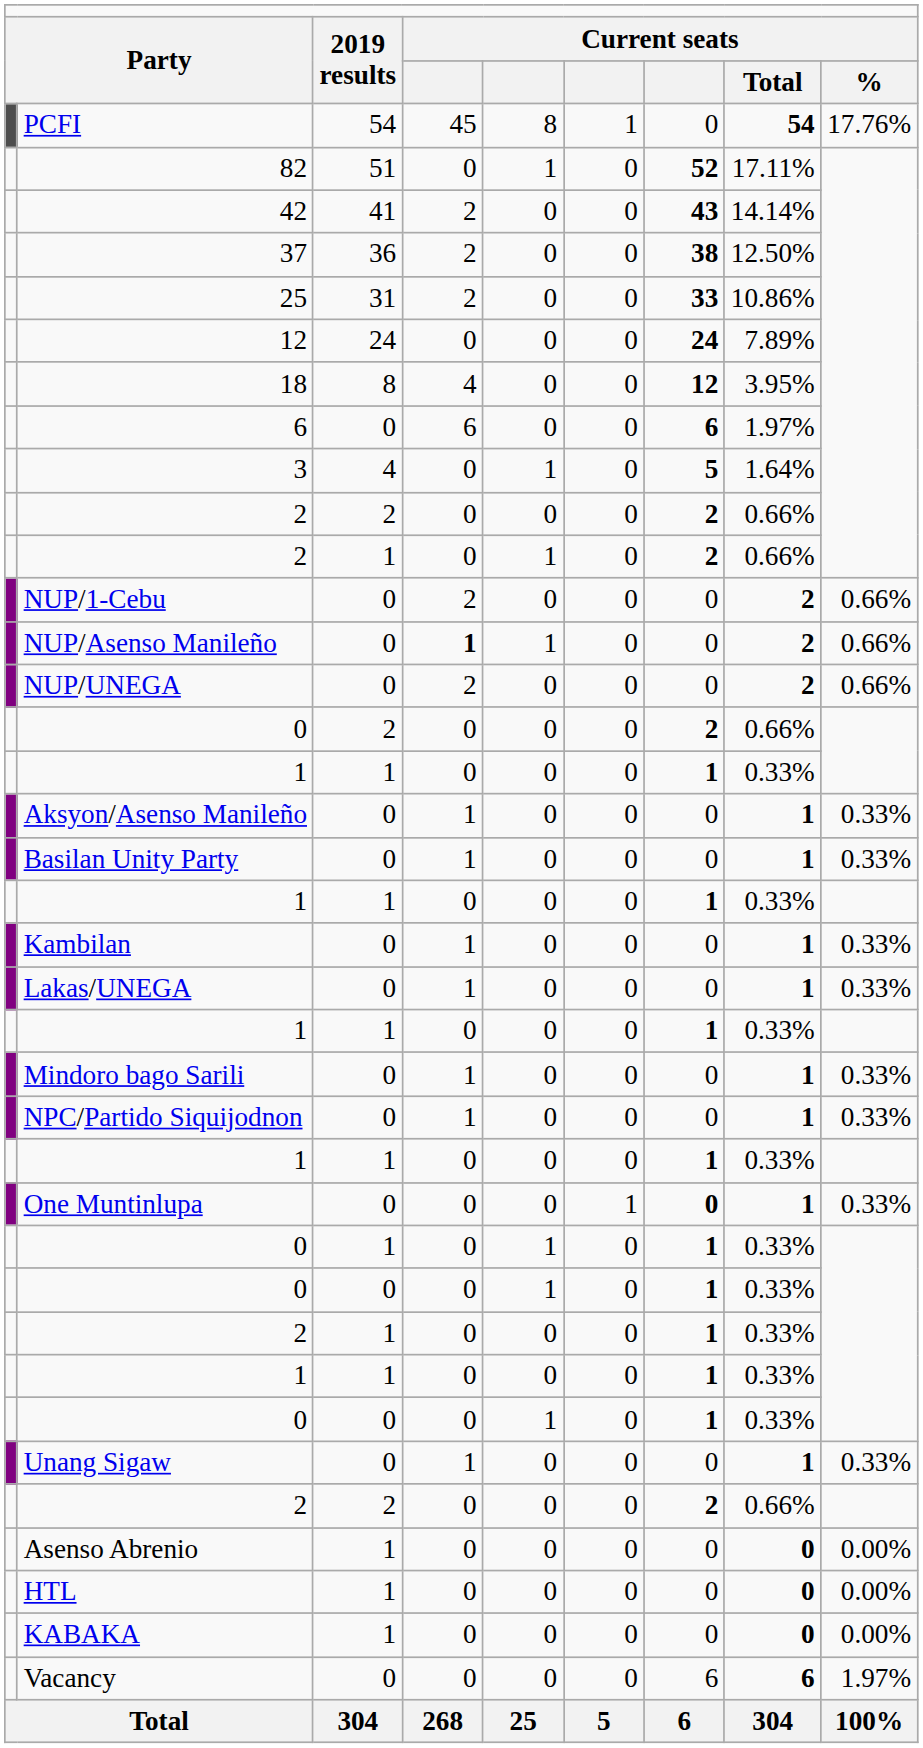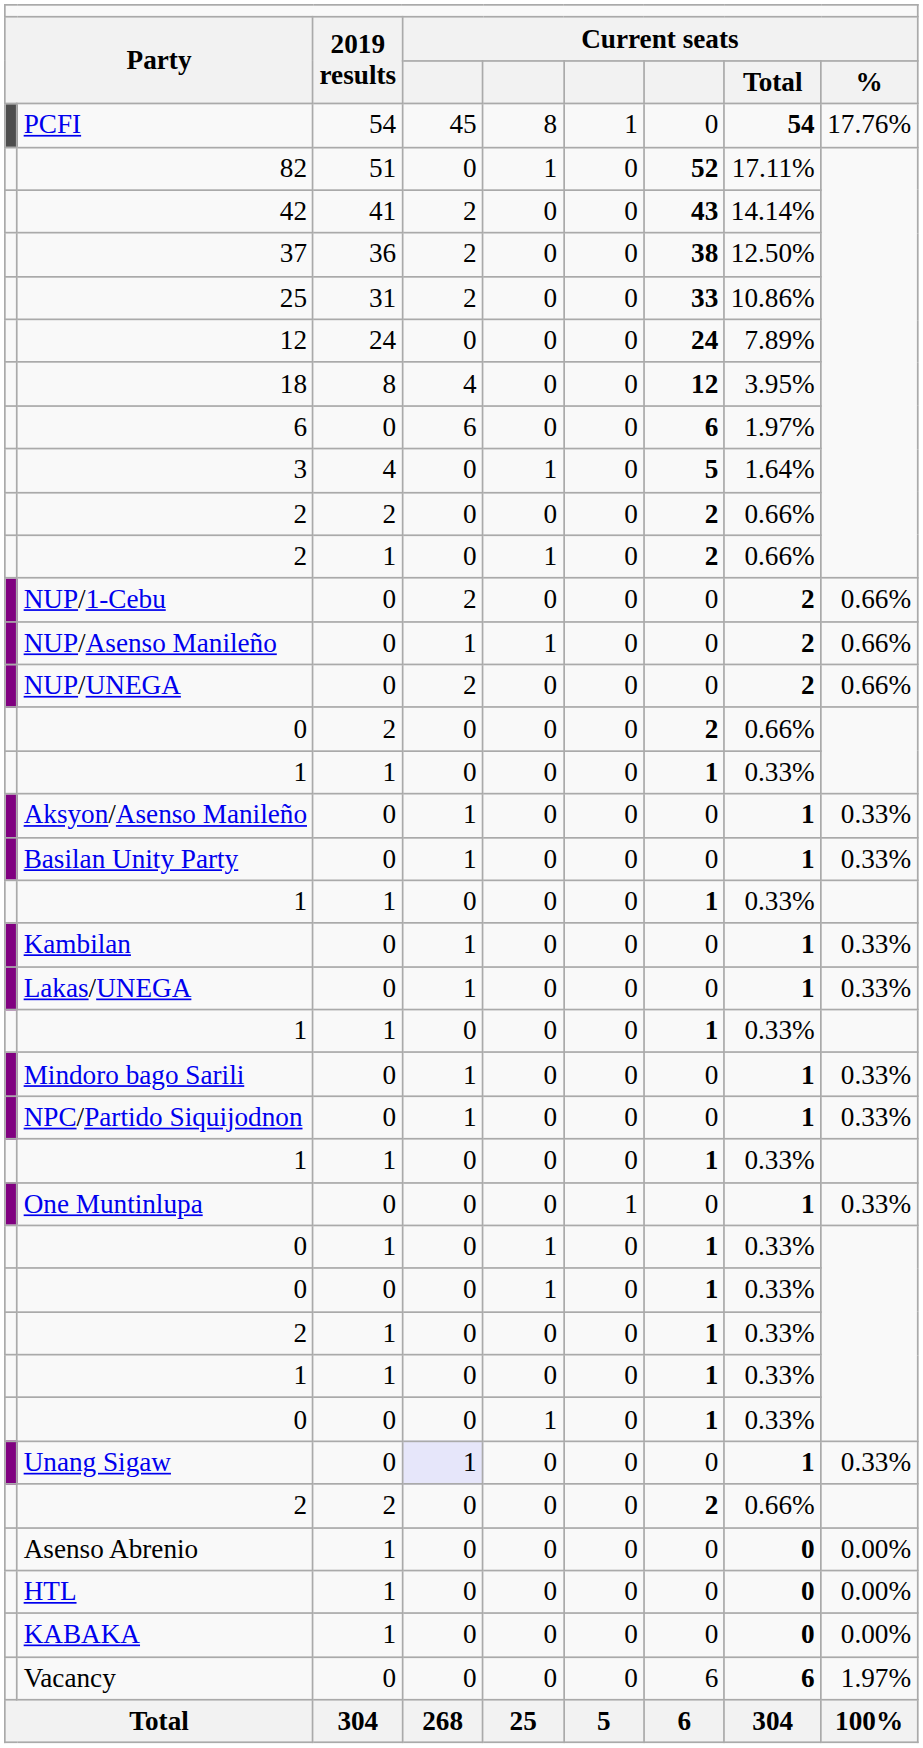 <table class=wikitable style="text-align:right">
 <tr>
 <td colspan="9"></td>
 </tr>
 <tr>
 <th colspan="2" rowspan="2">Party</th>
 <th rowspan="2" width=40px>2019 results</th>
 <th colspan="6">Current seats</th>
 </tr>
 <tr>
 <th width=40px></th>
 <th width=40px></th>
 <th width=40px></th>
 <th width=40px></th>
 <th width=40px>Total</th>
 <th width=40px>%</th>
 </tr>
 <tr>
 <td bgcolor="#4d4d4d"></td>
 <td align="left"><a href='#'>PCFI</a></td>
 <td>54</td>
 <td>45</td>
 <td>8</td>
 <td>1</td>
 <td>0</td>
 <td><strong>54</strong></td>
 <td>17.76%</td>
 </tr>
 <tr>
 <td></td>
 <td>82</td>
 <td>51</td>
 <td>0</td>
 <td>1</td>
 <td>0</td>
 <td><strong>52</strong></td>
 <td>17.11%</td>
 </tr>
 <tr>
 <td></td>
 <td>42</td>
 <td>41</td>
 <td>2</td>
 <td>0</td>
 <td>0</td>
 <td><strong>43</strong></td>
 <td>14.14%</td>
 </tr>
 <tr>
 <td></td>
 <td>37</td>
 <td>36</td>
 <td>2</td>
 <td>0</td>
 <td>0</td>
 <td><strong>38</strong></td>
 <td>12.50%</td>
 </tr>
 <tr>
 <td></td>
 <td>25</td>
 <td>31</td>
 <td>2</td>
 <td>0</td>
 <td>0</td>
 <td><strong>33</strong></td>
 <td>10.86%</td>
 </tr>
 <tr>
 <td></td>
 <td>12</td>
 <td>24</td>
 <td>0</td>
 <td>0</td>
 <td>0</td>
 <td><strong>24</strong></td>
 <td>7.89%</td>
 </tr>
 <tr>
 <td></td>
 <td>18</td>
 <td>8</td>
 <td>4</td>
 <td>0</td>
 <td>0</td>
 <td><strong>12</strong></td>
 <td>3.95%</td>
 </tr>
 <tr>
 <td></td>
 <td>6</td>
 <td>0</td>
 <td>6</td>
 <td>0</td>
 <td>0</td>
 <td><strong>6</strong></td>
 <td>1.97%</td>
 </tr>
 <tr>
 <td></td>
 <td>3</td>
 <td>4</td>
 <td>0</td>
 <td>1</td>
 <td>0</td>
 <td><strong>5</strong></td>
 <td>1.64%</td>
 </tr>
 <tr>
 <td></td>
 <td>2</td>
 <td>2</td>
 <td>0</td>
 <td>0</td>
 <td>0</td>
 <td><strong>2</strong></td>
 <td>0.66%</td>
 </tr>
 <tr>
 <td></td>
 <td>2</td>
 <td>1</td>
 <td>0</td>
 <td>1</td>
 <td>0</td>
 <td><strong>2</strong></td>
 <td>0.66%</td>
 </tr>
 <tr>
 <td bgcolor=purple></td>
 <td align=left><a href='#'>NUP</a>/<a href='#'>1-Cebu</a></td>
 <td>0</td>
 <td>2</td>
 <td>0</td>
 <td>0</td>
 <td>0</td>
 <td><strong>2</strong></td>
 <td>0.66%</td>
 </tr>
 <tr>
 <td bgcolor=purple></td>
 <td align=left><a href='#'>NUP</a>/<a href='#'>Asenso Manileño</a></td>
 <td>0</td>
-<td><strong>1</strong></td>
+<td>1</td>
 <td>1</td>
 <td>0</td>
 <td>0</td>
 <td><strong>2</strong></td>
 <td>0.66%</td>
 </tr>
 <tr>
 <td bgcolor=purple></td>
 <td align=left><a href='#'>NUP</a>/<a href='#'>UNEGA</a></td>
 <td>0</td>
 <td>2</td>
 <td>0</td>
 <td>0</td>
 <td>0</td>
 <td><strong>2</strong></td>
 <td>0.66%</td>
 </tr>
 <tr>
 <td></td>
 <td>0</td>
 <td>2</td>
 <td>0</td>
 <td>0</td>
 <td>0</td>
 <td><strong>2</strong></td>
 <td>0.66%</td>
 </tr>
 <tr>
 <td></td>
 <td>1</td>
 <td>1</td>
 <td>0</td>
 <td>0</td>
 <td>0</td>
 <td><strong>1</strong></td>
 <td>0.33%</td>
 </tr>
 <tr>
 <td bgcolor=purple></td>
 <td align=left><a href='#'>Aksyon</a>/<a href='#'>Asenso Manileño</a></td>
 <td>0</td>
 <td>1</td>
 <td>0</td>
 <td>0</td>
 <td>0</td>
 <td><strong>1</strong></td>
 <td>0.33%</td>
 </tr>
 <tr>
 <td bgcolor=purple></td>
 <td align=left><a href='#'>Basilan Unity Party</a></td>
 <td>0</td>
 <td>1</td>
 <td>0</td>
 <td>0</td>
 <td>0</td>
 <td><strong>1</strong></td>
 <td>0.33%</td>
 </tr>
 <tr>
 <td></td>
 <td>1</td>
 <td>1</td>
 <td>0</td>
 <td>0</td>
 <td>0</td>
 <td><strong>1</strong></td>
 <td>0.33%</td>
 </tr>
 <tr>
 <td bgcolor=purple></td>
 <td align=left><a href='#'>Kambilan</a></td>
 <td>0</td>
 <td>1</td>
 <td>0</td>
 <td>0</td>
 <td>0</td>
 <td><strong>1</strong></td>
 <td>0.33%</td>
 </tr>
 <tr>
 <td bgcolor=purple></td>
 <td align=left><a href='#'>Lakas</a>/<a href='#'>UNEGA</a></td>
 <td>0</td>
 <td>1</td>
 <td>0</td>
 <td>0</td>
 <td>0</td>
 <td><strong>1</strong></td>
 <td>0.33%</td>
 </tr>
 <tr>
 <td></td>
 <td>1</td>
 <td>1</td>
 <td>0</td>
 <td>0</td>
 <td>0</td>
 <td><strong>1</strong></td>
 <td>0.33%</td>
 </tr>
 <tr>
 <td bgcolor=purple></td>
 <td align=left><a href='#'>Mindoro bago Sarili</a></td>
 <td>0</td>
 <td>1</td>
 <td>0</td>
 <td>0</td>
 <td>0</td>
 <td><strong>1</strong></td>
 <td>0.33%</td>
 </tr>
 <tr>
 <td bgcolor=purple></td>
 <td align=left><a href='#'>NPC</a>/<a href='#'>Partido Siquijodnon</a></td>
 <td>0</td>
 <td>1</td>
 <td>0</td>
 <td>0</td>
 <td>0</td>
 <td><strong>1</strong></td>
 <td>0.33%</td>
 </tr>
 <tr>
 <td></td>
 <td>1</td>
 <td>1</td>
 <td>0</td>
 <td>0</td>
 <td>0</td>
 <td><strong>1</strong></td>
 <td>0.33%</td>
 </tr>
 <tr>
 <td bgcolor=purple></td>
 <td align=left><a href='#'>One Muntinlupa</a></td>
 <td>0</td>
 <td>0</td>
 <td>0</td>
 <td>1</td>
-<td><strong>0</strong></td>
+<td>0</td>
 <td><strong>1</strong></td>
 <td>0.33%</td>
 </tr>
 <tr>
 <td></td>
 <td>0</td>
 <td>1</td>
 <td>0</td>
 <td>1</td>
 <td>0</td>
 <td><strong>1</strong></td>
 <td>0.33%</td>
 </tr>
 <tr>
 <td></td>
 <td>0</td>
 <td>0</td>
 <td>0</td>
 <td>1</td>
 <td>0</td>
 <td><strong>1</strong></td>
 <td>0.33%</td>
 </tr>
 <tr>
 <td></td>
 <td>2</td>
 <td>1</td>
 <td>0</td>
 <td>0</td>
 <td>0</td>
 <td><strong>1</strong></td>
 <td>0.33%</td>
 </tr>
 <tr>
 <td></td>
 <td>1</td>
 <td>1</td>
 <td>0</td>
 <td>0</td>
 <td>0</td>
 <td><strong>1</strong></td>
 <td>0.33%</td>
 </tr>
 <tr>
 <td></td>
 <td>0</td>
 <td>0</td>
 <td>0</td>
 <td>1</td>
 <td>0</td>
 <td><strong>1</strong></td>
 <td>0.33%</td>
 </tr>
 <tr>
 <td bgcolor=purple></td>
 <td align=left><a href='#'>Unang Sigaw</a></td>
 <td>0</td>
-<td>1</td>
+<td style="background: lavender;">1</td>
 <td>0</td>
 <td>0</td>
 <td>0</td>
 <td><strong>1</strong></td>
 <td>0.33%</td>
 </tr>
 <tr>
 <td></td>
 <td>2</td>
 <td>2</td>
 <td>0</td>
 <td>0</td>
 <td>0</td>
 <td><strong>2</strong></td>
 <td>0.66%</td>
 </tr>
 <tr>
 <td></td>
 <td align="left">Asenso Abrenio</td>
 <td>1</td>
 <td>0</td>
 <td>0</td>
 <td>0</td>
 <td>0</td>
 <td><strong>0</strong></td>
 <td>0.00%</td>
 </tr>
 <tr>
 <td></td>
 <td align="left"><a href='#'>HTL</a></td>
 <td>1</td>
 <td>0</td>
 <td>0</td>
 <td>0</td>
 <td>0</td>
 <td><strong>0</strong></td>
 <td>0.00%</td>
 </tr>
 <tr>
 <td></td>
 <td align="left"><a href='#'>KABAKA</a></td>
 <td>1</td>
 <td>0</td>
 <td>0</td>
 <td>0</td>
 <td>0</td>
 <td><strong>0</strong></td>
 <td>0.00%</td>
 </tr>
 <tr>
 <td></td>
 <td align="left">Vacancy</td>
 <td>0</td>
 <td>0</td>
 <td>0</td>
 <td>0</td>
 <td>6</td>
 <td><strong>6</strong></td>
 <td>1.97%</td>
 </tr>
 <tr>
 <th colspan="2">Total</th>
 <th>304</th>
 <th>268</th>
 <th>25</th>
 <th>5</th>
 <th>6</th>
 <th>304</th>
 <th>100%</th>
 </tr>
 </table>
